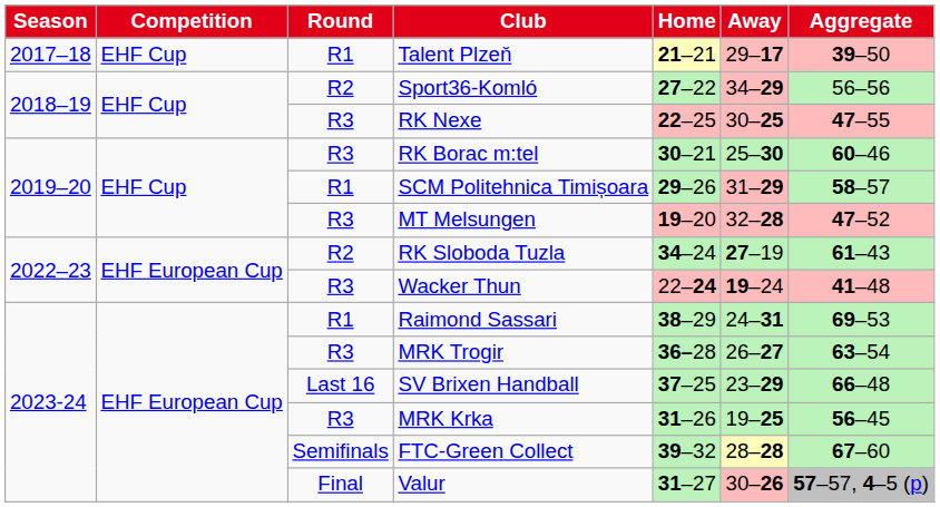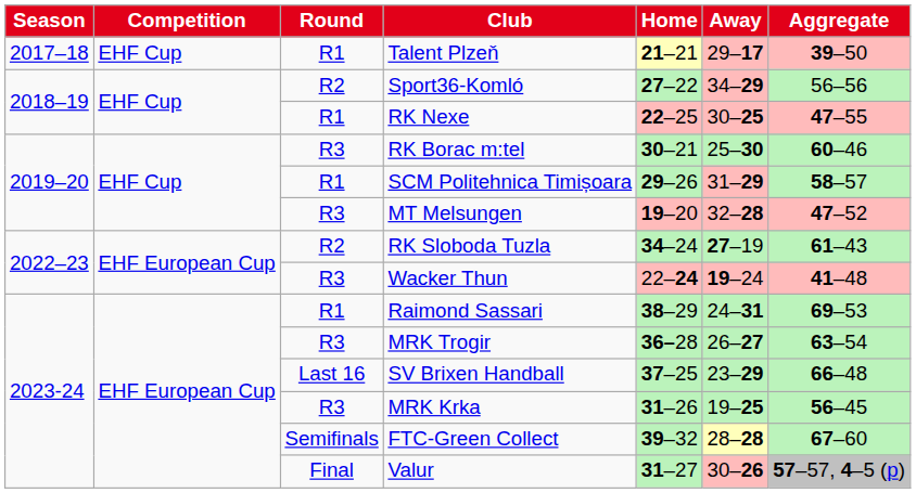 <table class="wikitable">
 <tr>
 <th style="color:#FFFFFF; background:#E20019">Season</th>
 <th style="color:#FFFFFF; background:#E20019">Competition</th>
 <th style="color:#FFFFFF; background:#E20019">Round</th>
 <th style="color:#FFFFFF; background:#E20019">Club</th>
 <th style="color:#FFFFFF; background:#E20019">Home</th>
 <th style="color:#FFFFFF; background:#E20019">Away</th>
 <th style="color:#FFFFFF; background:#E20019">Aggregate</th>
 </tr>
 <tr>
 <td rowspan="1"><a href='#'>2017–18</a></td>
 <td rowspan="1"><a href='#'>EHF Cup</a></td>
 <td style="text-align:center;"><a href='#'>R1</a></td>
 <td> <a href='#'>Talent Plzeň</a></td>
 <td style="text-align:center;" bgcolor=#FFFFBB><strong>21</strong>–21</td>
 <td style="text-align:center;" bgcolor=#FFBBBB>29–<strong>17</strong></td>
 <td style="text-align:center;" bgcolor=#FFBBBB><strong>39</strong>–50</td>
 </tr>
 <tr>
 <td rowspan="2"><a href='#'>2018–19</a></td>
 <td rowspan="2"><a href='#'>EHF Cup</a></td>
 <td style="text-align:center;"><a href='#'>R2</a></td>
 <td> <a href='#'>Sport36-Komló</a></td>
 <td style="text-align:center;" bgcolor=#BBF3BB><strong>27</strong>–22</td>
 <td style="text-align:center;" bgcolor=#FFBBBB>34–<strong>29</strong></td>
 <td style="text-align:center;" bgcolor=#BBF3BB>56–56</td>
 </tr>
 <tr>
-<td style="text-align:center;"><a href='#'>R3</a></td>
+<td style="text-align:center;"><a href='#'>R1</a></td>
 <td> <a href='#'>RK Nexe</a></td>
 <td style="text-align:center;" bgcolor=#FFBBBB><strong>22</strong>–25</td>
 <td style="text-align:center;" bgcolor=#FFBBBB>30–<strong>25</strong></td>
 <td style="text-align:center;" bgcolor=#FFBBBB><strong>47</strong>–55</td>
 </tr>
 <tr>
 <td rowspan="3"><a href='#'>2019–20</a></td>
 <td rowspan="3"><a href='#'>EHF Cup</a></td>
 <td style="text-align:center;"><a href='#'>R3</a></td>
 <td> <a href='#'>RK Borac m:tel</a></td>
 <td style="text-align:center;" bgcolor=#BBF3BB><strong>30</strong>–21</td>
 <td style="text-align:center;" bgcolor=#BBF3BB>25–<strong>30</strong></td>
 <td style="text-align:center;" bgcolor=#BBF3BB><strong>60</strong>–46</td>
 </tr>
 <tr>
 <td style="text-align:center;"><a href='#'>R1</a></td>
 <td> <a href='#'>SCM Politehnica Timișoara</a></td>
 <td style="text-align:center;" bgcolor=#BBF3BB><strong>29</strong>–26</td>
 <td style="text-align:center;" bgcolor=#FFBBBB>31–<strong>29</strong></td>
 <td style="text-align:center;" bgcolor=#BBF3BB><strong>58</strong>–57</td>
 </tr>
 <tr>
 <td style="text-align:center;"><a href='#'>R3</a></td>
 <td> <a href='#'>MT Melsungen</a></td>
 <td style="text-align:center;" bgcolor=#FFBBBB><strong>19</strong>–20</td>
 <td style="text-align:center;" bgcolor=#FFBBBB>32–<strong>28</strong></td>
 <td style="text-align:center;" bgcolor=#FFBBBB><strong>47</strong>–52</td>
 </tr>
 <tr>
 <td rowspan="2"><a href='#'>2022–23</a></td>
 <td rowspan="2"><a href='#'>EHF European Cup</a></td>
 <td style="text-align:center;"><a href='#'>R2</a></td>
 <td> <a href='#'>RK Sloboda Tuzla</a></td>
 <td style="text-align:center;" bgcolor=#BBF3BB><strong>34</strong>–24</td>
 <td style="text-align:center;" bgcolor=#BBF3BB><strong>27</strong>–19</td>
 <td style="text-align:center;" bgcolor=#BBF3BB><strong>61</strong>–43</td>
 </tr>
 <tr>
 <td style="text-align:center;"><a href='#'>R3</a></td>
 <td> <a href='#'>Wacker Thun</a></td>
 <td style="text-align:center;" bgcolor=#FFBBBB>22–<strong>24</strong></td>
 <td style="text-align:center;" bgcolor=#FFBBBB><strong>19</strong>–24</td>
 <td style="text-align:center;" bgcolor=#FFBBBB><strong>41</strong>–48</td>
 </tr>
 <tr>
 <td rowspan="6"><a href='#'>2023-24</a></td>
 <td rowspan="6"><a href='#'>EHF European Cup</a></td>
 <td style="text-align:center;"><a href='#'>R1</a></td>
 <td> <a href='#'>Raimond Sassari</a></td>
 <td style="text-align:center;" bgcolor=#BBF3BB><strong>38</strong>–29</td>
 <td style="text-align:center;" bgcolor=#BBF3BB>24–<strong>31</strong></td>
 <td style="text-align:center;" bgcolor=#BBF3BB><strong>69</strong>–53</td>
 </tr>
 <tr>
 <td style="text-align:center;"><a href='#'>R3</a></td>
 <td> <a href='#'>MRK Trogir</a></td>
 <td style="text-align:center;" bgcolor=#BBF3BB><strong>36–</strong>28</td>
 <td style="text-align:center;" bgcolor=#BBF3BB>26–<strong>27</strong></td>
 <td style="text-align:center;" bgcolor=#BBF3BB><strong>63</strong>–54</td>
 </tr>
 <tr>
 <td style="text-align:center;"><a href='#'>Last 16</a></td>
 <td> <a href='#'>SV Brixen Handball</a></td>
 <td style="text-align:center;" bgcolor=#BBF3BB><strong>37</strong>–25</td>
 <td style="text-align:center;" bgcolor=#BBF3BB>23–<strong>29</strong></td>
 <td style="text-align:center;" bgcolor=#BBF3BB><strong>66</strong>–48</td>
 </tr>
 <tr>
 <td style="text-align:center;"><a href='#'>R3</a></td>
 <td> <a href='#'>MRK Krka</a></td>
 <td style="text-align:center;" bgcolor=#BBF3BB><strong>31</strong>–26</td>
 <td style="text-align:center;" bgcolor=#BBF3BB>19–<strong>25</strong></td>
 <td style="text-align:center;" bgcolor=#BBF3BB><strong>56</strong>–45</td>
 </tr>
 <tr>
 <td style="text-align:center;"><a href='#'>Semifinals</a></td>
 <td> <a href='#'>FTC-Green Collect</a></td>
 <td style="text-align:center;" bgcolor=#BBF3BB><strong>39</strong>–32</td>
 <td style="text-align:center;" bgcolor=#FFFFBB>28–<strong>28</strong></td>
 <td style="text-align:center;" bgcolor=#BBF3BB><strong>67</strong>–60</td>
 </tr>
 <tr>
 <td style="text-align:center;"><a href='#'>Final</a></td>
 <td> <a href='#'>Valur</a></td>
 <td style="text-align:center;" bgcolor=#BBF3BB><strong>31</strong>–27</td>
 <td style="text-align:center;" bgcolor=#FFBBBB>30–<strong>26</strong></td>
 <td style="background:silver;"><strong>57</strong>–57, <strong>4</strong>–5 (<a href='#'>p</a>)</td>
 </tr>
 </table>
